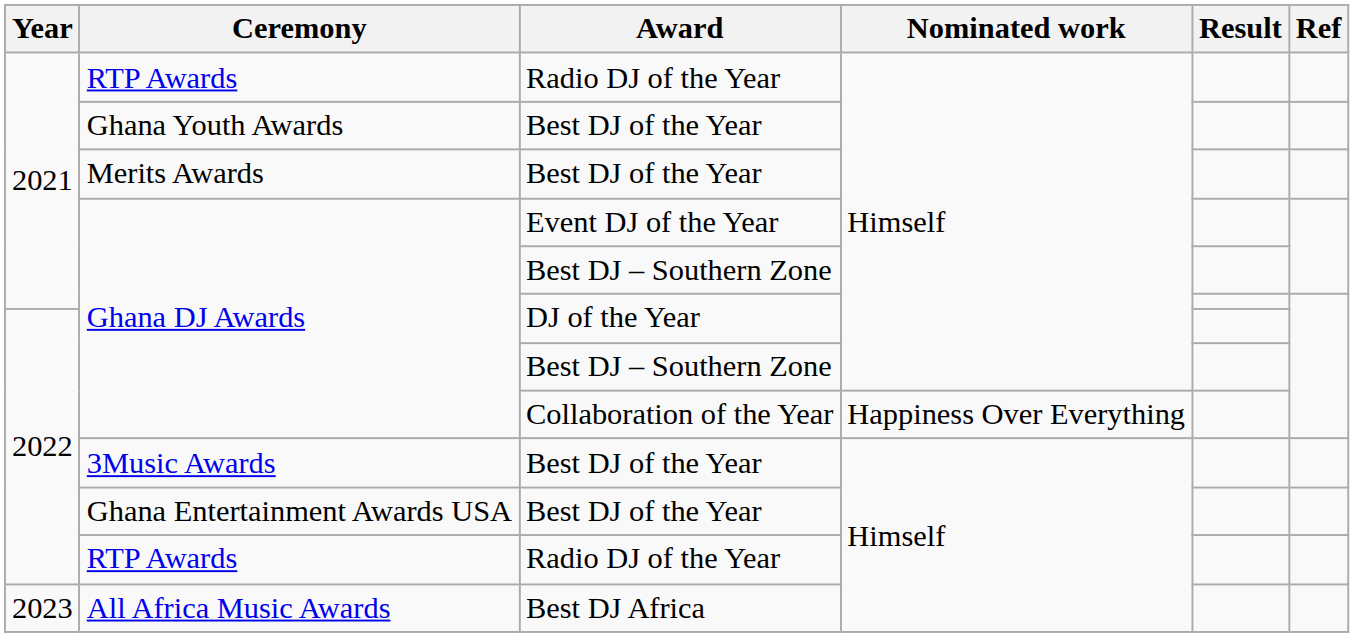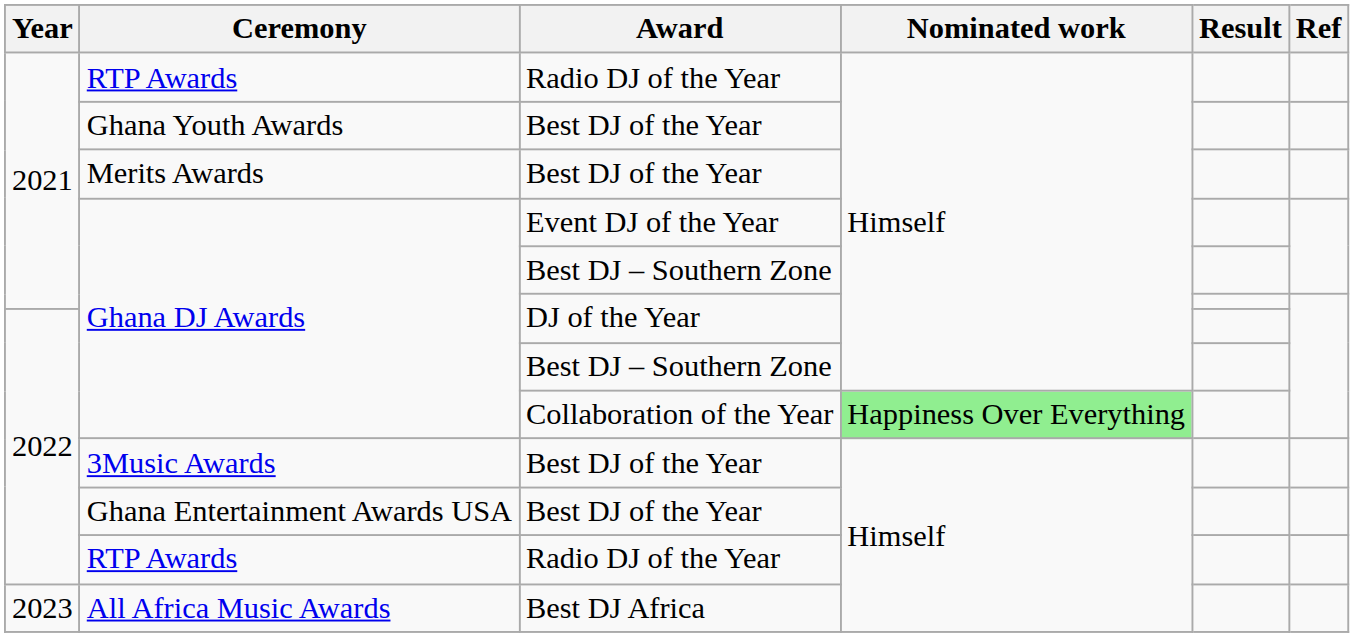 <table class="wikitable">
 <tr>
 <th>Year</th>
 <th>Ceremony</th>
 <th>Award</th>
 <th>Nominated work</th>
 <th>Result</th>
 <th>Ref</th>
 </tr>
 <tr>
 <td rowspan="6">2021</td>
 <td><a href='#'>RTP Awards</a></td>
 <td>Radio DJ of the Year</td>
 <td rowspan="8">Himself</td>
 <td></td>
 <td></td>
 </tr>
 <tr>
 <td>Ghana Youth Awards</td>
 <td>Best DJ of the Year</td>
 <td></td>
 <td></td>
 </tr>
 <tr>
 <td>Merits Awards</td>
 <td>Best DJ of the Year</td>
 <td></td>
 <td></td>
 </tr>
 <tr>
 <td rowspan="6"><a href='#'>Ghana DJ Awards</a></td>
 <td>Event DJ of the Year</td>
 <td></td>
 <td rowspan="2"></td>
 </tr>
 <tr>
 <td>Best DJ – Southern Zone</td>
 <td></td>
 </tr>
 <tr>
 <td rowspan="2">DJ of the Year</td>
 <td></td>
 <td rowspan="4"></td>
 </tr>
 <tr>
 <td rowspan="6">2022</td>
 <td></td>
 </tr>
 <tr>
 <td>Best DJ – Southern Zone</td>
 <td></td>
 </tr>
 <tr>
 <td>Collaboration of the Year</td>
-<td>Happiness Over Everything</td>
+<td style="background: lightgreen;">Happiness Over Everything</td>
 <td></td>
 </tr>
 <tr>
 <td><a href='#'>3Music Awards</a></td>
 <td>Best DJ of the Year</td>
 <td rowspan="4">Himself</td>
 <td></td>
 <td></td>
 </tr>
 <tr>
 <td>Ghana Entertainment Awards USA</td>
 <td>Best DJ of the Year</td>
 <td></td>
 <td></td>
 </tr>
 <tr>
 <td><a href='#'>RTP Awards</a></td>
 <td>Radio DJ of the Year</td>
 <td></td>
 <td></td>
 </tr>
 <tr>
 <td>2023</td>
 <td><a href='#'>All Africa Music Awards</a></td>
 <td>Best DJ Africa</td>
 <td></td>
 <td></td>
 </tr>
 </table>
